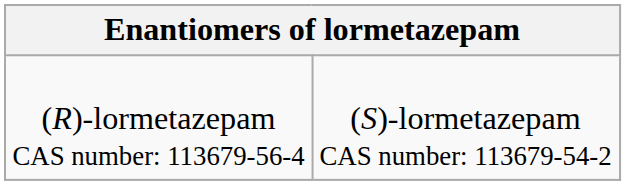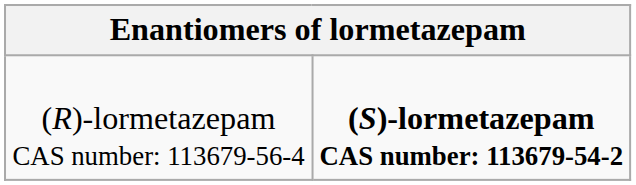 <table class="wikitable" style="text-align:center">
 <tr>
 <th colspan="2">Enantiomers of lormetazepam</th>
 </tr>
 <tr>
 <td><br>(<em>R</em>)-lormetazepam<br><small> CAS number: 113679-56-4</small></td>
-<td><br>(<em>S</em>)-lormetazepam<br><small> CAS number: 113679-54-2</small></td>
+<td><strong><br>(<em>S</em>)-lormetazepam<br><small> CAS number: 113679-54-2</small></strong></td>
 </tr>
 </table>
